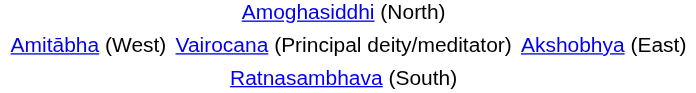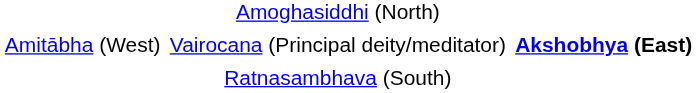 <table cellspacing="5" style="margin-left: auto; margin-right: auto; border: none">
 <tr>
 <td></td>
 <td style="text-align:center;"><a href='#'>Amoghasiddhi</a> (North)</td>
 <td></td>
 </tr>
 <tr>
 <td style="text-align:center;"><a href='#'>Amitābha</a> (West)</td>
 <td style="text-align:center;"><a href='#'>Vairocana</a> (Principal deity/meditator)</td>
-<td style="text-align:center;"><a href='#'>Akshobhya</a> (East)</td>
+<td style="text-align:center;"><strong><a href='#'>Akshobhya</a> (East)</strong></td>
 </tr>
 <tr>
 <td></td>
 <td style="text-align:center;"><a href='#'>Ratnasambhava</a> (South)</td>
 <td></td>
 </tr>
 </table>
